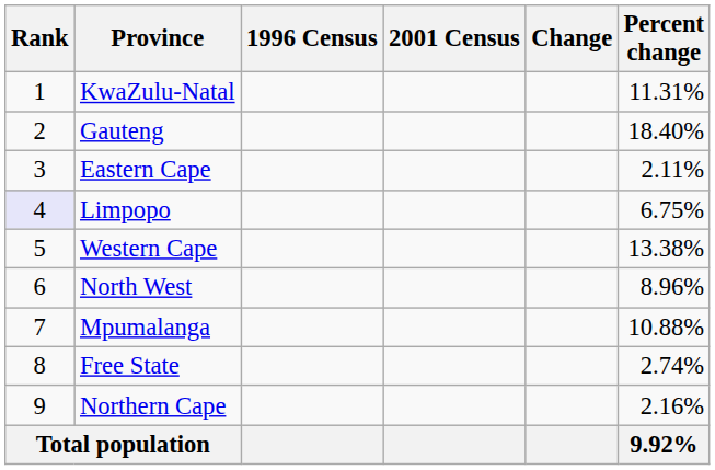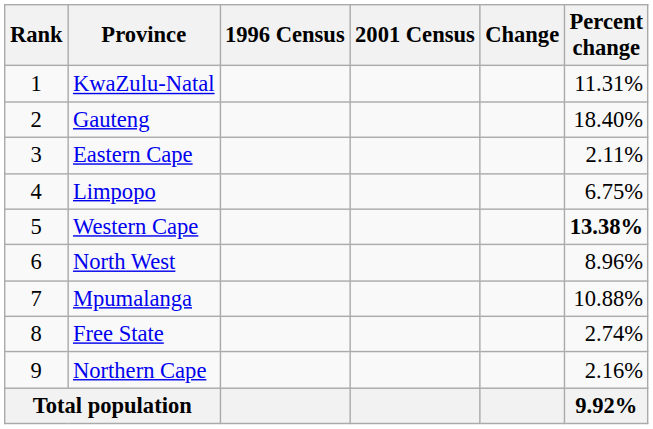 <table class="wikitable sortable" style="text-align: right;">
 <tr>
 <th data-sort-type="number">Rank</th>
 <th>Province</th>
 <th>1996 Census</th>
 <th>2001 Census</th>
 <th data-sort-type="number">Change</th>
 <th data-sort-type="number">Percent<br>change</th>
 </tr>
 <tr>
 <td style="text-align: center;">1 </td>
 <td style="text-align: left;"><a href='#'>KwaZulu-Natal</a></td>
 <td></td>
 <td></td>
 <td> </td>
 <td>11.31% </td>
 </tr>
 <tr>
 <td style="text-align: center;">2 </td>
 <td style="text-align: left;"><a href='#'>Gauteng</a></td>
 <td></td>
 <td></td>
 <td> </td>
 <td>18.40% </td>
 </tr>
 <tr>
 <td style="text-align: center;">3 </td>
 <td style="text-align: left;"><a href='#'>Eastern Cape</a></td>
 <td></td>
 <td></td>
 <td> </td>
 <td>2.11% </td>
 </tr>
 <tr>
-<td style="background: lavender; text-align: center;">4 </td>
+<td style="text-align: center;">4 </td>
 <td style="text-align: left;"><a href='#'>Limpopo</a></td>
 <td></td>
 <td></td>
 <td> </td>
 <td>6.75% </td>
 </tr>
 <tr>
 <td style="text-align: center;">5 </td>
 <td style="text-align: left;"><a href='#'>Western Cape</a></td>
 <td></td>
 <td></td>
 <td> </td>
-<td>13.38% </td>
+<td><strong>13.38% </strong></td>
 </tr>
 <tr>
 <td style="text-align: center;">6 </td>
 <td style="text-align: left;"><a href='#'>North West</a></td>
 <td></td>
 <td></td>
 <td> </td>
 <td>8.96% </td>
 </tr>
 <tr>
 <td style="text-align: center;">7 </td>
 <td style="text-align: left;"><a href='#'>Mpumalanga</a></td>
 <td></td>
 <td></td>
 <td> </td>
 <td>10.88% </td>
 </tr>
 <tr>
 <td style="text-align: center;">8 </td>
 <td style="text-align: left;"><a href='#'>Free State</a></td>
 <td></td>
 <td></td>
 <td> </td>
 <td>2.74% </td>
 </tr>
 <tr>
 <td style="text-align: center;">9 </td>
 <td style="text-align: left;"><a href='#'>Northern Cape</a></td>
 <td></td>
 <td></td>
 <td> </td>
 <td>2.16% </td>
 </tr>
 <tr>
 <th colspan=2>Total population</th>
 <th></th>
 <th></th>
 <th> </th>
 <th>9.92% </th>
 </tr>
 </table>
